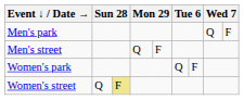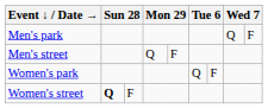 <table class="wikitable olympic-schedule skateboarding">
 <tr>
 <th>Event ↓ / Date →</th>
 <th colspan=2>Sun 28</th>
 <th colspan=2>Mon 29</th>
 <th colspan=2>Tue 6</th>
 <th colspan=2>Wed 7</th>
 </tr>
 <tr>
 <td class="event"><a href='#'>Men's park</a></td>
 <td colspan=2></td>
 <td colspan=2></td>
 <td colspan=2></td>
 <td class="qualifiers">Q</td>
 <td class="final">F</td>
 </tr>
 <tr>
 <td class="event"><a href='#'>Men's street</a></td>
 <td colspan=2></td>
 <td class="qualifiers">Q</td>
 <td class="final">F</td>
 <td colspan=2></td>
 <td colspan=2></td>
 </tr>
 <tr>
 <td class="event"><a href='#'>Women's park</a></td>
 <td colspan=2></td>
 <td colspan=2></td>
 <td class="qualifiers">Q</td>
 <td class="final">F</td>
 <td colspan=2></td>
 </tr>
 <tr>
 <td class="event"><a href='#'>Women's street</a></td>
-<td class="qualifiers">Q</td>
-<td class="final" style="background: khaki;">F</td>
+<td class="qualifiers"><strong>Q</strong></td>
+<td class="final">F</td>
 <td colspan=2></td>
 <td colspan=2></td>
 <td colspan=2></td>
 </tr>
 </table>
